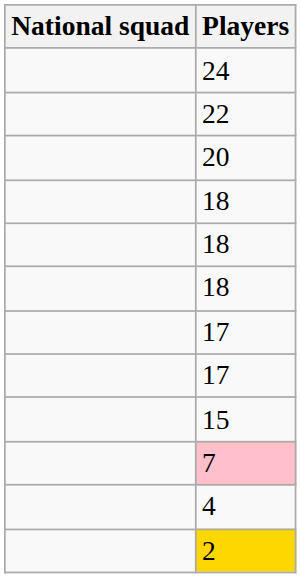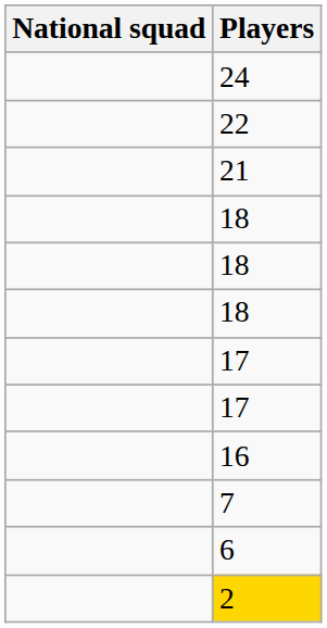 <table class="wikitable sortable">
 <tr>
 <th>National squad</th>
 <th>Players</th>
 </tr>
 <tr>
 <td></td>
 <td>24</td>
 </tr>
 <tr>
 <td></td>
 <td>22</td>
 </tr>
 <tr>
 <td></td>
-<td>20</td>
+<td>21</td>
 </tr>
 <tr>
 <td></td>
 <td>18</td>
 </tr>
 <tr>
 <td></td>
 <td>18</td>
 </tr>
 <tr>
 <td></td>
 <td>18</td>
 </tr>
 <tr>
 <td></td>
 <td>17</td>
 </tr>
 <tr>
 <td></td>
 <td>17</td>
 </tr>
 <tr>
 <td></td>
-<td>15</td>
+<td>16</td>
 </tr>
 <tr>
 <td></td>
-<td style="background: pink;">7</td>
+<td>7</td>
 </tr>
 <tr>
 <td></td>
-<td>4</td>
+<td>6</td>
 </tr>
 <tr>
 <td></td>
 <td style="background: gold;">2</td>
 </tr>
 </table>
